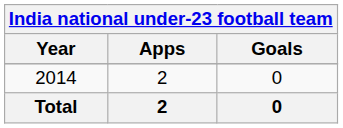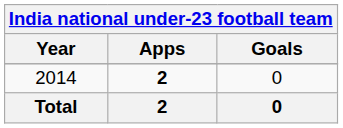 <table class="wikitable" style="text-align:center">
 <tr>
 <th colspan=3><a href='#'>India national under-23 football team</a></th>
 </tr>
 <tr>
 <th>Year</th>
 <th>Apps</th>
 <th>Goals</th>
 </tr>
 <tr>
 </tr>
 <tr>
 <td>2014</td>
-<td>2</td>
+<td><strong>2</strong></td>
 <td>0</td>
 </tr>
 <tr>
 <th>Total</th>
 <th>2</th>
 <th>0</th>
 </tr>
 </table>
